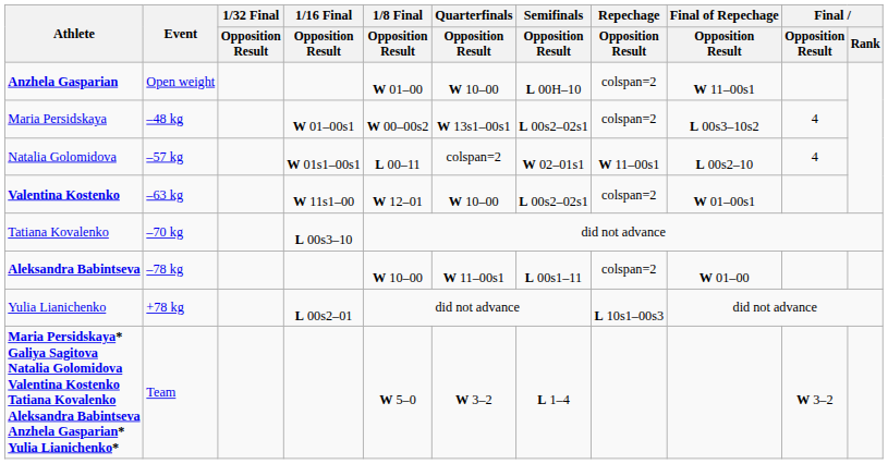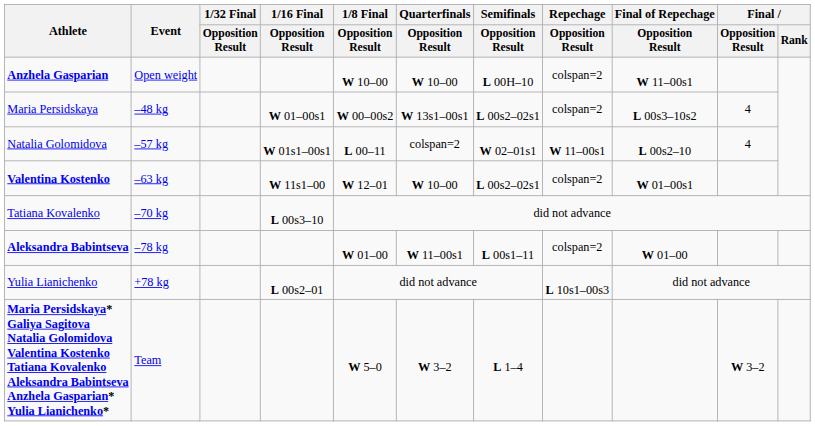 <table class="wikitable" style="text-align:center; font-size:90%">
 <tr>
 <th rowspan=2>Athlete</th>
 <th rowspan=2>Event</th>
 <th>1/32 Final</th>
 <th>1/16 Final</th>
 <th>1/8 Final</th>
 <th>Quarterfinals</th>
 <th>Semifinals</th>
 <th>Repechage</th>
 <th>Final of Repechage</th>
 <th colspan=2>Final / </th>
 </tr>
 <tr style="font-size:95%">
 <th>Opposition<br>Result</th>
 <th>Opposition<br>Result</th>
 <th>Opposition<br>Result</th>
 <th>Opposition<br>Result</th>
 <th>Opposition<br>Result</th>
 <th>Opposition<br>Result</th>
 <th>Opposition<br>Result</th>
 <th>Opposition<br>Result</th>
 <th>Rank</th>
 </tr>
 <tr>
 <td align=left><strong><a href='#'>Anzhela Gasparian</a></strong></td>
 <td align=left><a href='#'>Open weight</a></td>
 <td></td>
 <td></td>
-<td><br><strong>W</strong> 01–00</td>
+<td><br><strong>W</strong> 10–00</td>
 <td><br><strong>W</strong> 10–00</td>
 <td><br><strong>L</strong> 00H–10</td>
 <td>colspan=2 </td>
 <td><br><strong>W</strong> 11–00s1</td>
 <td></td>
 </tr>
 <tr>
 <td align=left><a href='#'>Maria Persidskaya</a></td>
 <td align=left><a href='#'>–48 kg</a></td>
 <td></td>
 <td><br><strong>W</strong> 01–00s1</td>
 <td><br><strong>W</strong> 00–00s2</td>
 <td><br><strong>W</strong> 13s1–00s1</td>
 <td><br><strong>L</strong> 00s2–02s1</td>
 <td>colspan=2 </td>
 <td><br><strong>L</strong> 00s3–10s2</td>
 <td>4</td>
 </tr>
 <tr>
 <td align=left><a href='#'>Natalia Golomidova</a></td>
 <td align=left><a href='#'>–57 kg</a></td>
 <td></td>
 <td><br><strong>W</strong> 01s1–00s1</td>
 <td><br><strong>L</strong> 00–11</td>
 <td>colspan=2 </td>
 <td><br><strong>W</strong> 02–01s1</td>
 <td><br><strong>W</strong> 11–00s1</td>
 <td><br><strong>L</strong> 00s2–10</td>
 <td>4</td>
 </tr>
 <tr>
 <td align=left><strong><a href='#'>Valentina Kostenko</a></strong></td>
 <td align=left><a href='#'>–63 kg</a></td>
 <td></td>
 <td><br><strong>W</strong> 11s1–00</td>
 <td><br><strong>W</strong> 12–01</td>
 <td><br><strong>W</strong> 10–00</td>
 <td><br><strong>L</strong> 00s2–02s1</td>
 <td>colspan=2 </td>
 <td><br><strong>W</strong> 01–00s1</td>
 <td></td>
 </tr>
 <tr>
 <td align=left><a href='#'>Tatiana Kovalenko</a></td>
 <td align=left><a href='#'>–70 kg</a></td>
 <td></td>
 <td><br><strong>L</strong> 00s3–10</td>
 <td colspan=7>did not advance</td>
 </tr>
 <tr>
 <td align=left><strong><a href='#'>Aleksandra Babintseva</a></strong></td>
 <td align=left><a href='#'>–78 kg</a></td>
 <td></td>
 <td></td>
-<td><br><strong>W</strong> 10–00</td>
+<td><br><strong>W</strong> 01–00</td>
 <td><br><strong>W</strong> 11–00s1</td>
 <td><br><strong>L</strong> 00s1–11</td>
 <td>colspan=2 </td>
 <td><br><strong>W</strong> 01–00</td>
 <td></td>
 </tr>
 <tr>
 <td align=left><a href='#'>Yulia Lianichenko</a></td>
 <td align=left><a href='#'>+78 kg</a></td>
 <td></td>
 <td><br><strong>L</strong> 00s2–01</td>
 <td colspan=3>did not advance</td>
 <td><br><strong>L</strong> 10s1–00s3</td>
 <td colspan=4>did not advance</td>
 </tr>
 <tr>
 <td align=left><strong><a href='#'>Maria Persidskaya</a>*<br><a href='#'>Galiya Sagitova</a><br><a href='#'>Natalia Golomidova</a><br><a href='#'>Valentina Kostenko</a><br><a href='#'>Tatiana Kovalenko</a><br><a href='#'>Aleksandra Babintseva</a><br><a href='#'>Anzhela Gasparian</a>*<br><a href='#'>Yulia Lianichenko</a>*</strong></td>
 <td align=left><a href='#'>Team</a></td>
 <td></td>
 <td></td>
 <td><br><strong>W</strong> 5–0</td>
 <td><br><strong>W</strong> 3–2</td>
 <td><br><strong>L</strong> 1–4</td>
 <td></td>
 <td></td>
 <td><br><strong>W</strong> 3–2</td>
 <td></td>
 </tr>
 </table>
